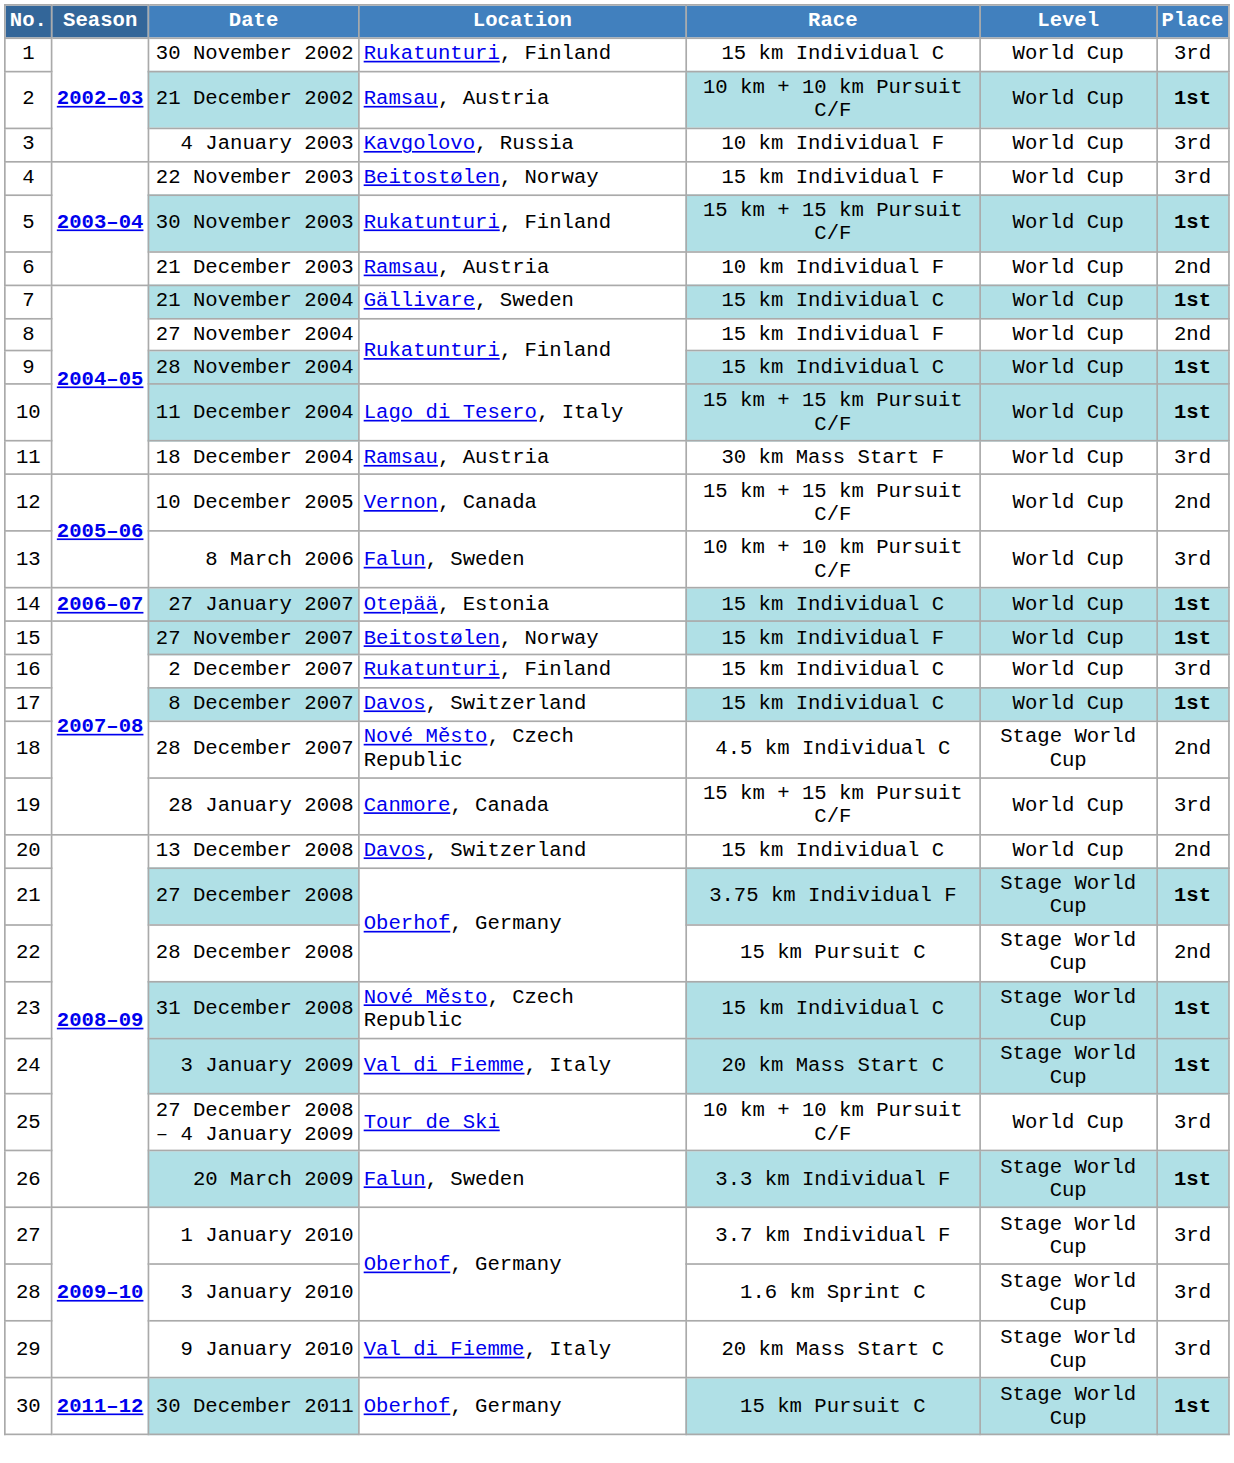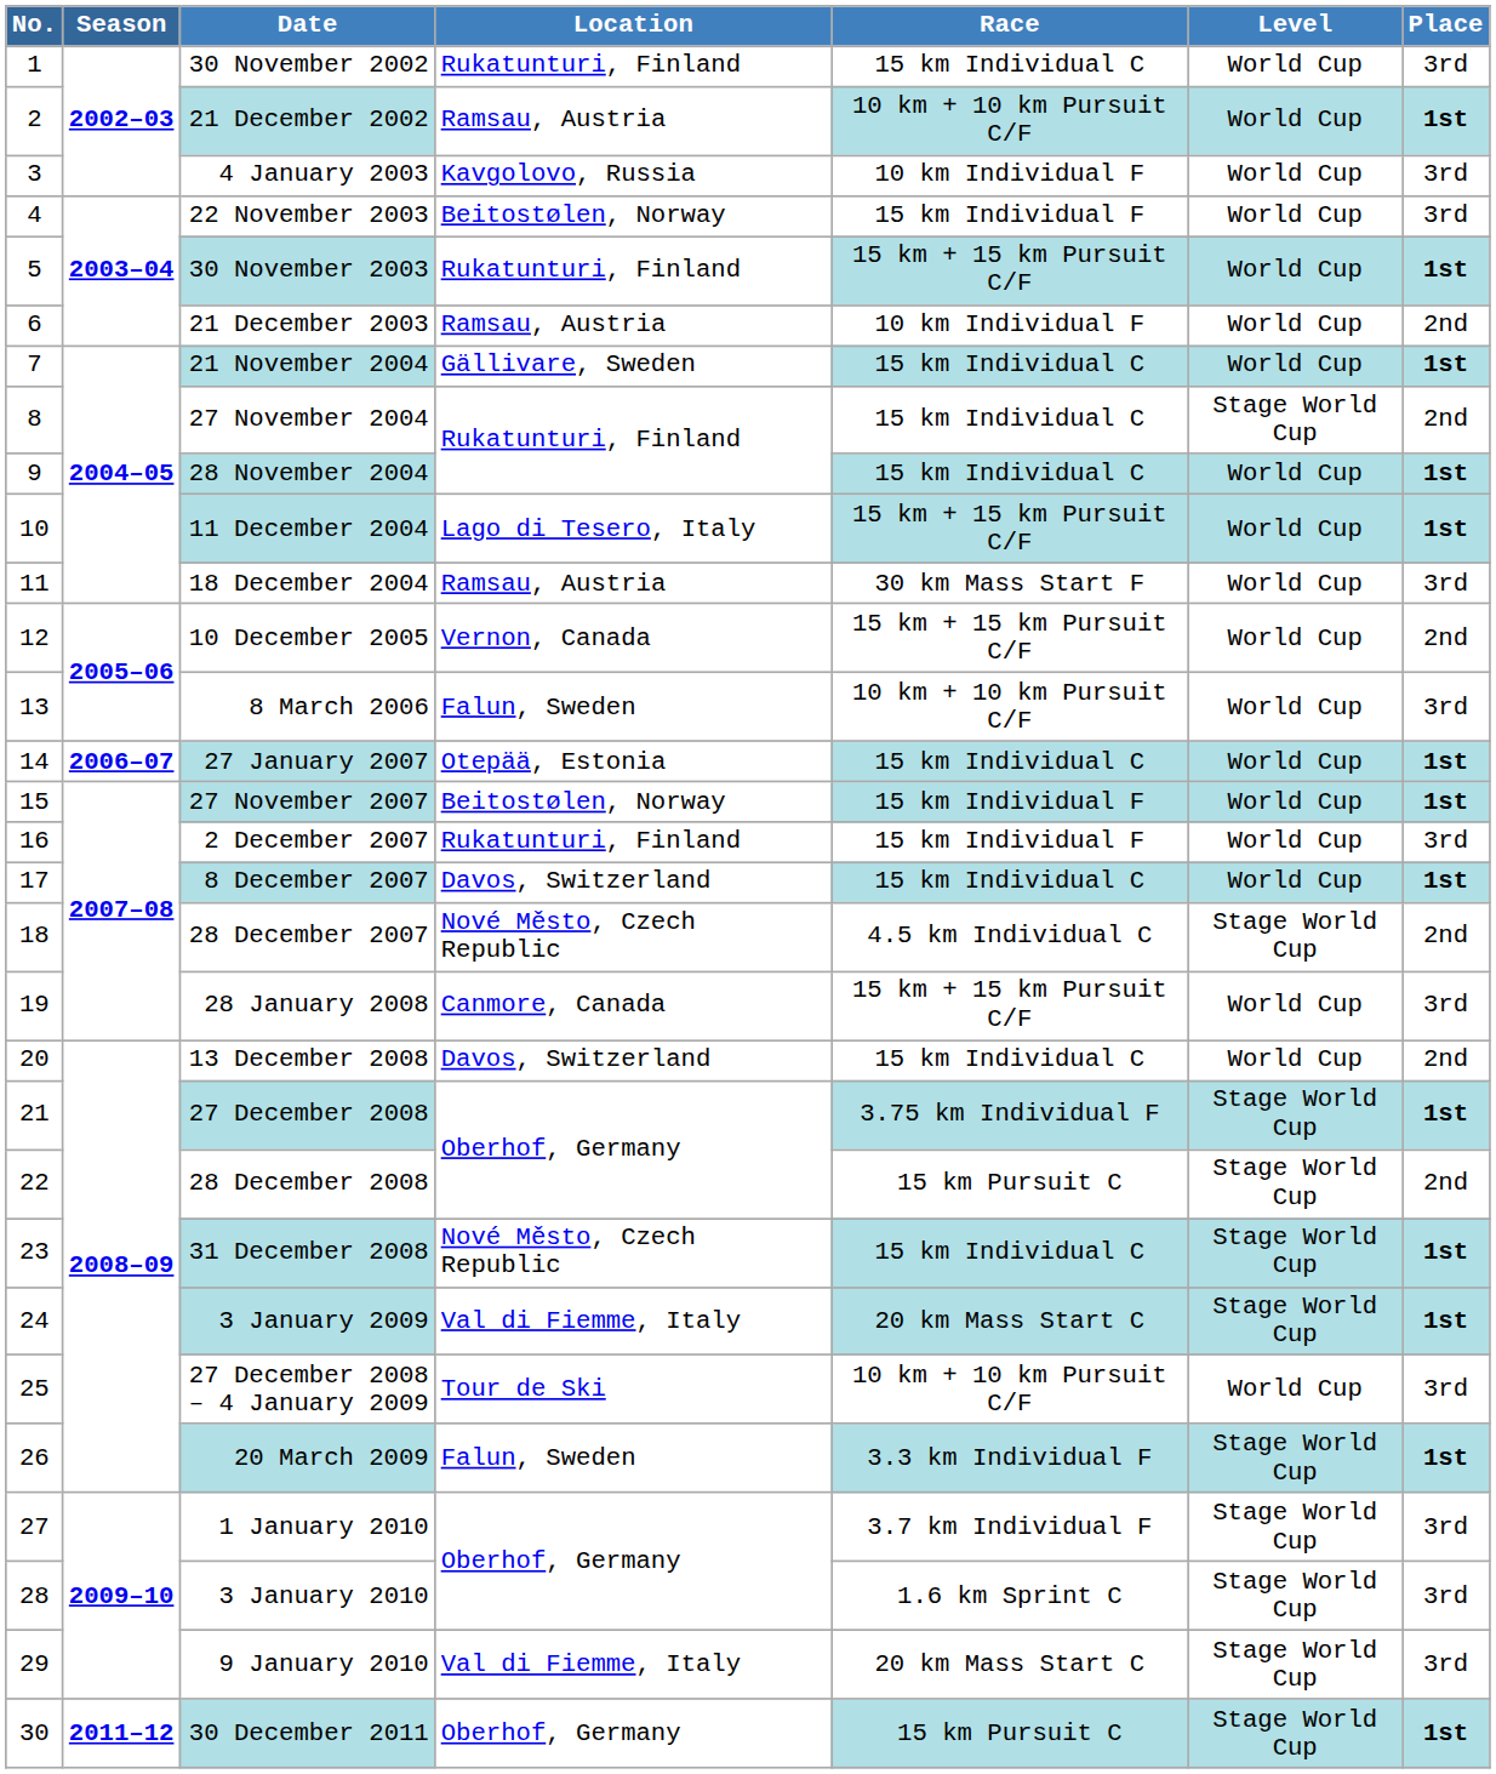 <table class="wikitable sortable" style="font-size:95%; text-align:center; border:grey solid 1px; border-collapse:collapse; background:#ffffff;">
 <tr style="background:#efefef;">
 <th style="background-color:#369; color:white;">No.</th>
 <th style="background-color:#369; color:white;">Season</th>
 <th style="background-color:#4180be; color:white; width:120px;">Date</th>
 <th style="background-color:#4180be; color:white; width:190px;">Location</th>
 <th style="background-color:#4180be; color:white; width:170px;">Race</th>
 <th style="background-color:#4180be; color:white; width:100px;">Level</th>
 <th style="background-color:#4180be; color:white;">Place</th>
 </tr>
 <tr>
 <td align=center>1</td>
 <td rowspan=3 align=center><strong><a href='#'>2002–03</a></strong></td>
 <td align=right>30 November 2002</td>
 <td align=left> <a href='#'>Rukatunturi</a>, Finland</td>
 <td>15 km Individual C</td>
 <td>World Cup</td>
 <td>3rd</td>
 </tr>
 <tr>
 <td align=center>2</td>
 <td bgcolor="#BOEOE6" align=right>21 December 2002</td>
 <td align=left> <a href='#'>Ramsau</a>, Austria</td>
 <td bgcolor="#BOEOE6">10 km + 10 km Pursuit C/F</td>
 <td bgcolor="#BOEOE6">World Cup</td>
 <td bgcolor="#BOEOE6"><strong>1st</strong></td>
 </tr>
 <tr>
 <td align=center>3</td>
 <td align=right>4 January 2003</td>
 <td align=left> <a href='#'>Kavgolovo</a>, Russia</td>
 <td>10 km Individual F</td>
 <td>World Cup</td>
 <td>3rd</td>
 </tr>
 <tr>
 <td align=center>4</td>
 <td rowspan=3 align=center><strong><a href='#'>2003–04</a></strong></td>
 <td align=right>22 November 2003</td>
 <td align=left> <a href='#'>Beitostølen</a>, Norway</td>
 <td>15 km Individual F</td>
 <td>World Cup</td>
 <td>3rd</td>
 </tr>
 <tr>
 <td align=center>5</td>
 <td bgcolor="#BOEOE6" align=right>30 November 2003</td>
 <td align=left> <a href='#'>Rukatunturi</a>, Finland</td>
 <td bgcolor="#BOEOE6">15 km + 15 km Pursuit C/F</td>
 <td bgcolor="#BOEOE6">World Cup</td>
 <td bgcolor="#BOEOE6"><strong>1st</strong></td>
 </tr>
 <tr>
 <td align=center>6</td>
 <td align=right>21 December 2003</td>
 <td align=left> <a href='#'>Ramsau</a>, Austria</td>
 <td>10 km Individual F</td>
 <td>World Cup</td>
 <td>2nd</td>
 </tr>
 <tr>
 <td align=center>7</td>
 <td rowspan=5 align=center><strong><a href='#'>2004–05</a></strong></td>
 <td bgcolor="#BOEOE6" align=right>21 November 2004</td>
 <td align=left> <a href='#'>Gällivare</a>, Sweden</td>
 <td bgcolor="#BOEOE6">15 km Individual C</td>
 <td bgcolor="#BOEOE6">World Cup</td>
 <td bgcolor="#BOEOE6"><strong>1st</strong></td>
 </tr>
 <tr>
 <td align=center>8</td>
 <td align=right>27 November 2004</td>
 <td rowspan=2 align=left> <a href='#'>Rukatunturi</a>, Finland</td>
-<td>15 km Individual F</td>
-<td>World Cup</td>
+<td>15 km Individual C</td>
+<td>Stage World Cup</td>
 <td>2nd</td>
 </tr>
 <tr>
 <td align=center>9</td>
 <td bgcolor="#BOEOE6" align=right>28 November 2004</td>
 <td bgcolor="#BOEOE6">15 km Individual C</td>
 <td bgcolor="#BOEOE6">World Cup</td>
 <td bgcolor="#BOEOE6"><strong>1st</strong></td>
 </tr>
 <tr>
 <td align=center>10</td>
 <td bgcolor="#BOEOE6" align=right>11 December 2004</td>
 <td align=left> <a href='#'>Lago di Tesero</a>, Italy</td>
 <td bgcolor="#BOEOE6">15 km + 15 km Pursuit C/F</td>
 <td bgcolor="#BOEOE6">World Cup</td>
 <td bgcolor="#BOEOE6"><strong>1st</strong></td>
 </tr>
 <tr>
 <td align=center>11</td>
 <td align=right>18 December 2004</td>
 <td align=left> <a href='#'>Ramsau</a>, Austria</td>
 <td>30 km Mass Start F</td>
 <td>World Cup</td>
 <td>3rd</td>
 </tr>
 <tr>
 <td align=center>12</td>
 <td rowspan=2 align=center><strong><a href='#'>2005–06</a></strong></td>
 <td align=right>10 December 2005</td>
 <td align=left> <a href='#'>Vernon</a>, Canada</td>
 <td>15 km + 15 km Pursuit C/F</td>
 <td>World Cup</td>
 <td>2nd</td>
 </tr>
 <tr>
 <td align=center>13</td>
 <td align=right>8 March 2006</td>
 <td align=left> <a href='#'>Falun</a>, Sweden</td>
 <td>10 km + 10 km Pursuit C/F</td>
 <td>World Cup</td>
 <td>3rd</td>
 </tr>
 <tr>
 <td align=center>14</td>
 <td rowspan=1 align=center><strong><a href='#'>2006–07</a></strong></td>
 <td bgcolor="#BOEOE6" align=right>27 January 2007</td>
 <td align=left> <a href='#'>Otepää</a>, Estonia</td>
 <td bgcolor="#BOEOE6">15 km Individual C</td>
 <td bgcolor="#BOEOE6">World Cup</td>
 <td bgcolor="#BOEOE6"><strong>1st</strong></td>
 </tr>
 <tr>
 <td align=center>15</td>
 <td rowspan=5 align=center><strong><a href='#'>2007–08</a></strong></td>
 <td bgcolor="#BOEOE6" align=right>27 November 2007</td>
 <td align=left> <a href='#'>Beitostølen</a>, Norway</td>
 <td bgcolor="#BOEOE6">15 km Individual F</td>
 <td bgcolor="#BOEOE6">World Cup</td>
 <td bgcolor="#BOEOE6"><strong>1st</strong></td>
 </tr>
 <tr>
 <td align=center>16</td>
 <td align=right>2 December 2007</td>
 <td align=left> <a href='#'>Rukatunturi</a>, Finland</td>
-<td>15 km Individual C</td>
+<td>15 km Individual F</td>
 <td>World Cup</td>
 <td>3rd</td>
 </tr>
 <tr>
 <td align=center>17</td>
 <td bgcolor="#BOEOE6" align=right>8 December 2007</td>
 <td align=left> <a href='#'>Davos</a>, Switzerland</td>
 <td bgcolor="#BOEOE6">15 km Individual C</td>
 <td bgcolor="#BOEOE6">World Cup</td>
 <td bgcolor="#BOEOE6"><strong>1st</strong></td>
 </tr>
 <tr>
 <td align=center>18</td>
 <td align=right>28 December 2007</td>
 <td align=left> <a href='#'>Nové Město</a>, Czech Republic</td>
 <td>4.5 km Individual C</td>
 <td>Stage World Cup</td>
 <td>2nd</td>
 </tr>
 <tr>
 <td align=center>19</td>
 <td align=right>28 January 2008</td>
 <td align=left> <a href='#'>Canmore</a>, Canada</td>
 <td>15 km + 15 km Pursuit C/F</td>
 <td>World Cup</td>
 <td>3rd</td>
 </tr>
 <tr>
 <td align=center>20</td>
 <td rowspan=7 align=center><strong><a href='#'>2008–09</a></strong></td>
 <td align=right>13 December 2008</td>
 <td align=left> <a href='#'>Davos</a>, Switzerland</td>
 <td>15 km Individual C</td>
 <td>World Cup</td>
 <td>2nd</td>
 </tr>
 <tr>
 <td align=center>21</td>
 <td bgcolor="#BOEOE6" align=right>27 December 2008</td>
 <td rowspan=2 align=left> <a href='#'>Oberhof</a>, Germany</td>
 <td bgcolor="#BOEOE6">3.75 km Individual F</td>
 <td bgcolor="#BOEOE6">Stage World Cup</td>
 <td bgcolor="#BOEOE6"><strong>1st</strong></td>
 </tr>
 <tr>
 <td align=center>22</td>
 <td align=right>28 December 2008</td>
 <td>15 km Pursuit C</td>
 <td>Stage World Cup</td>
 <td>2nd</td>
 </tr>
 <tr>
 <td align=center>23</td>
 <td bgcolor="#BOEOE6" align=right>31 December 2008</td>
 <td align=left> <a href='#'>Nové Město</a>, Czech Republic</td>
 <td bgcolor="#BOEOE6">15 km Individual C</td>
 <td bgcolor="#BOEOE6">Stage World Cup</td>
 <td bgcolor="#BOEOE6"><strong>1st</strong></td>
 </tr>
 <tr>
 <td align=center>24</td>
 <td bgcolor="#BOEOE6" align=right>3 January 2009</td>
 <td align=left> <a href='#'>Val di Fiemme</a>, Italy</td>
 <td bgcolor="#BOEOE6">20 km Mass Start C</td>
 <td bgcolor="#BOEOE6">Stage World Cup</td>
 <td bgcolor="#BOEOE6"><strong>1st</strong></td>
 </tr>
 <tr>
 <td align=center>25</td>
 <td align=right>27 December 2008<br> – 4 January 2009</td>
 <td align=left> <a href='#'>Tour de Ski</a></td>
 <td>10 km + 10 km Pursuit C/F</td>
 <td>World Cup</td>
 <td>3rd</td>
 </tr>
 <tr>
 <td align=center>26</td>
 <td bgcolor="#BOEOE6" align=right>20 March 2009</td>
 <td align=left> <a href='#'>Falun</a>, Sweden</td>
 <td bgcolor="#BOEOE6">3.3 km Individual F</td>
 <td bgcolor="#BOEOE6">Stage World Cup</td>
 <td bgcolor="#BOEOE6"><strong>1st</strong></td>
 </tr>
 <tr>
 <td align=center>27</td>
 <td rowspan=3 align=center><strong><a href='#'>2009–10</a></strong></td>
 <td align=right>1 January 2010</td>
 <td rowspan=2 align=left> <a href='#'>Oberhof</a>, Germany</td>
 <td>3.7 km Individual F</td>
 <td>Stage World Cup</td>
 <td>3rd</td>
 </tr>
 <tr>
 <td align=center>28</td>
 <td align=right>3 January 2010</td>
 <td>1.6 km Sprint C</td>
 <td>Stage World Cup</td>
 <td>3rd</td>
 </tr>
 <tr>
 <td align=center>29</td>
 <td align=right>9 January 2010</td>
 <td align=left> <a href='#'>Val di Fiemme</a>, Italy</td>
 <td>20 km Mass Start C</td>
 <td>Stage World Cup</td>
 <td>3rd</td>
 </tr>
 <tr>
 <td align=center>30</td>
 <td rowspan=1 align=center><strong><a href='#'>2011–12</a></strong></td>
 <td bgcolor="#BOEOE6" align=right>30 December 2011</td>
 <td align=left> <a href='#'>Oberhof</a>, Germany</td>
 <td bgcolor="#BOEOE6">15 km Pursuit C</td>
 <td bgcolor="#BOEOE6">Stage World Cup</td>
 <td bgcolor="#BOEOE6"><strong>1st</strong></td>
 </tr>
 </table>
